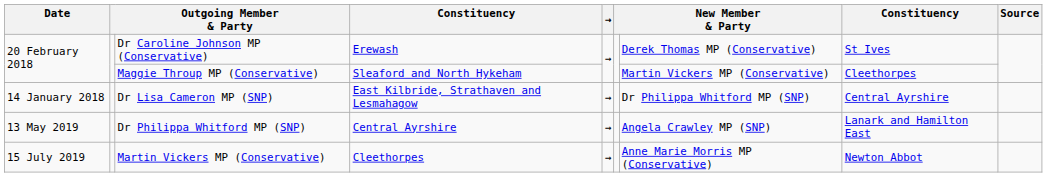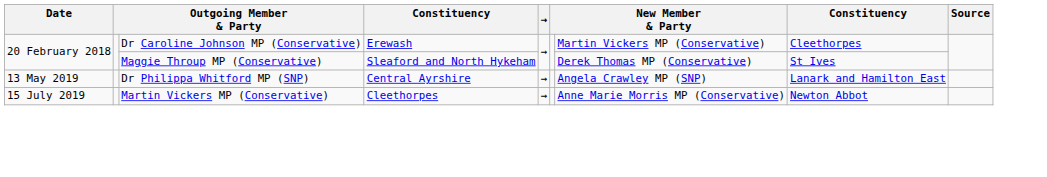 <table class="wikitable">
 <tr>
 <th valign="top">Date</th>
 <th colspan="2" valign="top">Outgoing Member<br>& Party</th>
 <th valign="top">Constituency</th>
 <th>→</th>
 <th colspan="2" valign="top">New Member<br>& Party</th>
 <th valign="top">Constituency</th>
 <th valign="top">Source</th>
 </tr>
 <tr>
 <td rowspan=2>20 February 2018</td>
 <td rowspan=2 style="color:inherit;background:"></td>
 <td>Dr <a href='#'>Caroline Johnson</a> MP (<a href='#'>Conservative</a>)</td>
 <td><a href='#'>Erewash</a></td>
 <td rowspan=2>→</td>
 <td rowspan=2 style="color:inherit;background:"></td>
-<td><a href='#'>Derek Thomas</a> MP (<a href='#'>Conservative</a>)</td>
-<td><a href='#'>St Ives</a></td>
+<td><a href='#'>Martin Vickers</a> MP (<a href='#'>Conservative</a>)</td>
+<td><a href='#'>Cleethorpes</a></td>
 <td rowspan=2></td>
 </tr>
 <tr>
 <td><a href='#'>Maggie Throup</a> MP (<a href='#'>Conservative</a>)</td>
 <td><a href='#'>Sleaford and North Hykeham</a></td>
-<td><a href='#'>Martin Vickers</a> MP (<a href='#'>Conservative</a>)</td>
-<td><a href='#'>Cleethorpes</a></td>
-</tr>
-<tr>
-<td>14 January 2018</td>
-<td style="color:inherit;background:"></td>
-<td>Dr <a href='#'>Lisa Cameron</a> MP (<a href='#'>SNP</a>)</td>
-<td><a href='#'>East Kilbride, Strathaven and Lesmahagow</a></td>
-<td>→</td>
-<td style="color:inherit;background:"></td>
-<td>Dr <a href='#'>Philippa Whitford</a> MP (<a href='#'>SNP</a>)</td>
-<td><a href='#'>Central Ayrshire</a></td>
-<td></td>
+<td><a href='#'>Derek Thomas</a> MP (<a href='#'>Conservative</a>)</td>
+<td><a href='#'>St Ives</a></td>
 </tr>
 <tr>
 <td>13 May 2019</td>
 <td style="color:inherit;background:"></td>
 <td>Dr <a href='#'>Philippa Whitford</a> MP (<a href='#'>SNP</a>)</td>
 <td><a href='#'>Central Ayrshire</a></td>
 <td>→</td>
 <td style="color:inherit;background:"></td>
 <td><a href='#'>Angela Crawley</a> MP (<a href='#'>SNP</a>)</td>
 <td><a href='#'>Lanark and Hamilton East</a></td>
 <td></td>
 </tr>
 <tr>
 <td>15 July 2019</td>
 <td style="color:inherit;background:"></td>
 <td><a href='#'>Martin Vickers</a> MP (<a href='#'>Conservative</a>)</td>
 <td><a href='#'>Cleethorpes</a></td>
 <td>→</td>
 <td style="color:inherit;background:"></td>
 <td><a href='#'>Anne Marie Morris</a> MP (<a href='#'>Conservative</a>)</td>
 <td><a href='#'>Newton Abbot</a></td>
 <td></td>
 </tr>
 </table>
